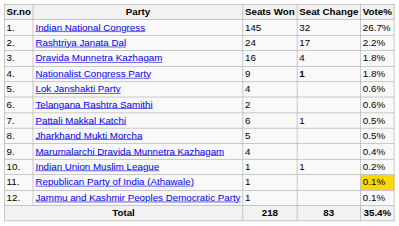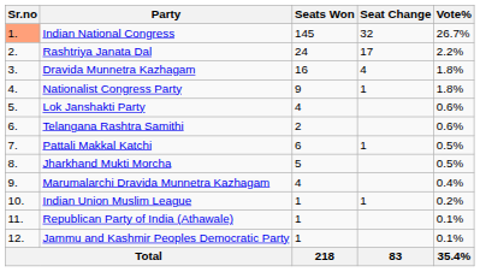 <table class="wikitable">
 <tr>
 <th>Sr.no</th>
 <th>Party</th>
 <th>Seats Won</th>
 <th>Seat Change</th>
 <th>Vote%</th>
 </tr>
 <tr>
-<td>1.</td>
+<td style="background: lightsalmon;">1.</td>
 <td><a href='#'>Indian National Congress</a></td>
 <td>145</td>
 <td> 32</td>
 <td>26.7%</td>
 </tr>
 <tr>
 <td>2.</td>
 <td><a href='#'>Rashtriya Janata Dal</a></td>
 <td>24</td>
 <td> 17</td>
 <td>2.2%</td>
 </tr>
 <tr>
 <td>3.</td>
 <td><a href='#'>Dravida Munnetra Kazhagam</a></td>
 <td>16</td>
 <td> 4</td>
 <td>1.8%</td>
 </tr>
 <tr>
 <td>4.</td>
 <td><a href='#'>Nationalist Congress Party</a></td>
 <td>9</td>
-<td><strong> 1</strong></td>
+<td> 1</td>
 <td>1.8%</td>
 </tr>
 <tr>
 <td>5.</td>
 <td><a href='#'>Lok Janshakti Party</a></td>
 <td>4</td>
 <td></td>
 <td>0.6%</td>
 </tr>
 <tr>
 <td>6.</td>
 <td><a href='#'>Telangana Rashtra Samithi</a></td>
 <td>2</td>
 <td></td>
 <td>0.6%</td>
 </tr>
 <tr>
 <td>7.</td>
 <td><a href='#'>Pattali Makkal Katchi</a></td>
 <td>6</td>
 <td> 1</td>
 <td>0.5%</td>
 </tr>
 <tr>
 <td>8.</td>
 <td><a href='#'>Jharkhand Mukti Morcha</a></td>
 <td>5</td>
 <td></td>
 <td>0.5%</td>
 </tr>
 <tr>
 <td>9.</td>
 <td><a href='#'>Marumalarchi Dravida Munnetra Kazhagam</a></td>
 <td>4</td>
 <td></td>
 <td>0.4%</td>
 </tr>
 <tr>
 <td>10.</td>
 <td><a href='#'>Indian Union Muslim League</a></td>
 <td>1</td>
 <td> 1</td>
 <td>0.2%</td>
 </tr>
 <tr>
 <td>11.</td>
 <td><a href='#'>Republican Party of India (Athawale)</a></td>
 <td>1</td>
 <td></td>
-<td style="background: gold;">0.1%</td>
+<td>0.1%</td>
 </tr>
 <tr>
 <td>12.</td>
 <td><a href='#'>Jammu and Kashmir Peoples Democratic Party</a></td>
 <td>1</td>
 <td></td>
 <td>0.1%</td>
 </tr>
 <tr>
 <th colspan="2">Total</th>
 <th>218</th>
 <th> 83</th>
 <th>35.4%</th>
 </tr>
 </table>
